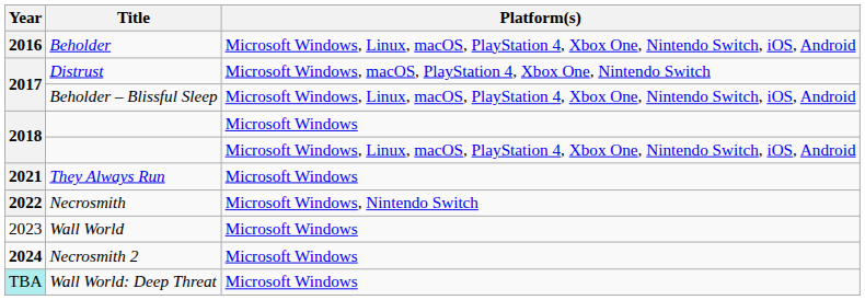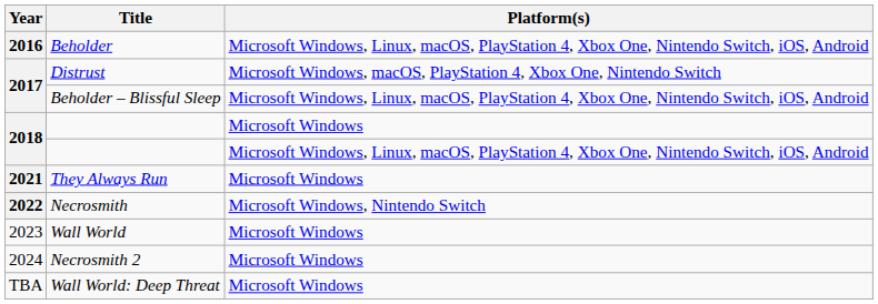 <table class="wikitable sortable plainrowheaders">
 <tr>
 <th scope="col">Year</th>
 <th scope="col">Title</th>
 <th scope="col">Platform(s)</th>
 </tr>
 <tr>
 <th scope="row" rowspan="1">2016</th>
 <td><em><a href='#'>Beholder</a></em></td>
 <td><a href='#'>Microsoft Windows</a>, <a href='#'>Linux</a>, <a href='#'>macOS</a>, <a href='#'>PlayStation 4</a>, <a href='#'>Xbox One</a>, <a href='#'>Nintendo Switch</a>, <a href='#'>iOS</a>, <a href='#'>Android</a></td>
 </tr>
 <tr>
 <th scope="row" rowspan="2">2017</th>
 <td><em><a href='#'>Distrust</a></em></td>
 <td><a href='#'>Microsoft Windows</a>, <a href='#'>macOS</a>, <a href='#'>PlayStation 4</a>, <a href='#'>Xbox One</a>, <a href='#'>Nintendo Switch</a></td>
 </tr>
 <tr>
 <td><em>Beholder – Blissful Sleep</em></td>
 <td><a href='#'>Microsoft Windows</a>, <a href='#'>Linux</a>, <a href='#'>macOS</a>, <a href='#'>PlayStation 4</a>, <a href='#'>Xbox One</a>, <a href='#'>Nintendo Switch</a>, <a href='#'>iOS</a>, <a href='#'>Android</a></td>
 </tr>
 <tr>
 <th scope="row" rowspan="2">2018</th>
 <td><em></em></td>
 <td><a href='#'>Microsoft Windows</a></td>
 </tr>
 <tr>
 <td><em></em></td>
 <td><a href='#'>Microsoft Windows</a>, <a href='#'>Linux</a>, <a href='#'>macOS</a>, <a href='#'>PlayStation 4</a>, <a href='#'>Xbox One</a>, <a href='#'>Nintendo Switch</a>, <a href='#'>iOS</a>, <a href='#'>Android</a></td>
 </tr>
 <tr>
 <th scope="row" rowspan="1">2021</th>
 <td><em><a href='#'>They Always Run</a></em></td>
 <td><a href='#'>Microsoft Windows</a></td>
 </tr>
 <tr>
 <th scope="row" rowspan="1">2022</th>
 <td><em>Necrosmith</em></td>
 <td><a href='#'>Microsoft Windows</a>, <a href='#'>Nintendo Switch</a></td>
 </tr>
 <tr>
 <td>2023</td>
 <td><em>Wall World</em></td>
 <td><a href='#'>Microsoft Windows</a></td>
 </tr>
 <tr>
-<td><strong>2024</strong></td>
+<td>2024</td>
 <td><em>Necrosmith 2</em></td>
 <td><a href='#'>Microsoft Windows</a></td>
 </tr>
 <tr>
-<td style="background: paleturquoise;">TBA</td>
+<td>TBA</td>
 <td><em>Wall World: Deep Threat</em></td>
 <td><a href='#'>Microsoft Windows</a></td>
 </tr>
 </table>
